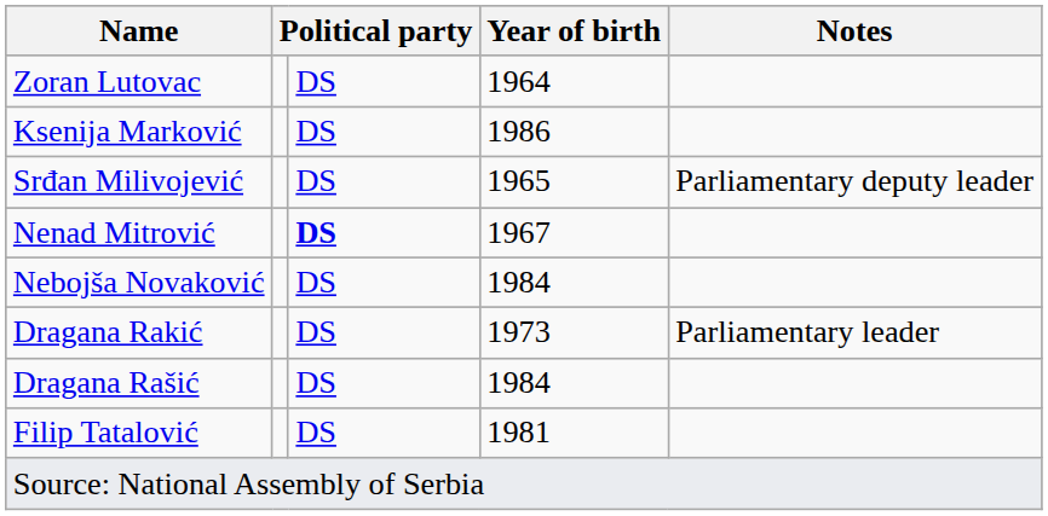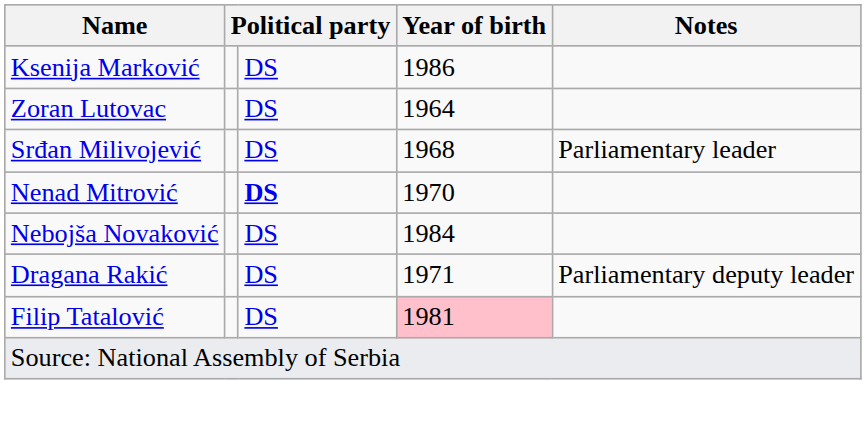 <table class="wikitable sortable" style="text-align:left">
 <tr>
 <th>Name</th>
 <th colspan="2">Political party</th>
 <th>Year of birth</th>
 <th>Notes</th>
+</tr>
+<tr>
+<td><a href='#'>Ksenija Marković</a></td>
+<td width="1" style="color:inherit;background: "></td>
+<td><a href='#'>DS</a></td>
+<td>1986</td>
+<td></td>
 </tr>
 <tr>
 <td><a href='#'>Zoran Lutovac</a></td>
 <td width="1" style="color:inherit;background: "></td>
 <td><a href='#'>DS</a></td>
 <td>1964</td>
 <td></td>
 </tr>
 <tr>
-<td><a href='#'>Ksenija Marković</a></td>
-<td width="1" style="color:inherit;background: "></td>
-<td><a href='#'>DS</a></td>
-<td>1986</td>
-<td></td>
-</tr>
-<tr>
 <td><a href='#'>Srđan Milivojević</a></td>
 <td width="1" style="color:inherit;background: "></td>
 <td><a href='#'>DS</a></td>
-<td>1965</td>
-<td>Parliamentary deputy leader</td>
+<td>1968</td>
+<td>Parliamentary leader</td>
 </tr>
 <tr>
 <td><a href='#'>Nenad Mitrović</a></td>
 <td width="1" style="color:inherit;background: "></td>
 <td><strong><a href='#'>DS</a></strong></td>
-<td>1967</td>
+<td>1970</td>
 <td></td>
 </tr>
 <tr>
 <td><a href='#'>Nebojša Novaković</a></td>
 <td width="1" style="color:inherit;background: "></td>
 <td><a href='#'>DS</a></td>
 <td>1984</td>
 <td></td>
 </tr>
 <tr>
 <td><a href='#'>Dragana Rakić</a></td>
 <td width="1" style="color:inherit;background: "></td>
 <td><a href='#'>DS</a></td>
-<td>1973</td>
-<td>Parliamentary leader</td>
-</tr>
-<tr>
-<td><a href='#'>Dragana Rašić</a></td>
-<td width="1" style="color:inherit;background: "></td>
-<td><a href='#'>DS</a></td>
-<td>1984</td>
-<td></td>
+<td>1971</td>
+<td>Parliamentary deputy leader</td>
 </tr>
 <tr>
 <td><a href='#'>Filip Tatalović</a></td>
 <td width="1" style="color:inherit;background: "></td>
 <td><a href='#'>DS</a></td>
-<td>1981</td>
+<td style="background: pink;">1981</td>
 <td></td>
 </tr>
 <tr>
 <td style="background-color:#EAECF0" colspan="5">Source: National Assembly of Serbia</td>
 </tr>
 </table>
